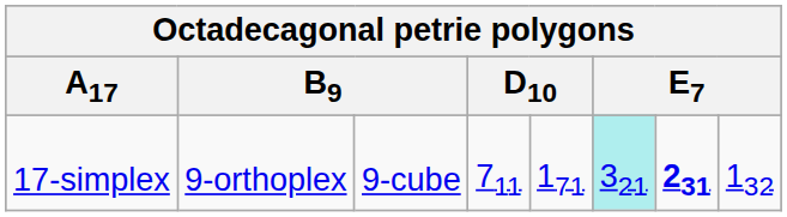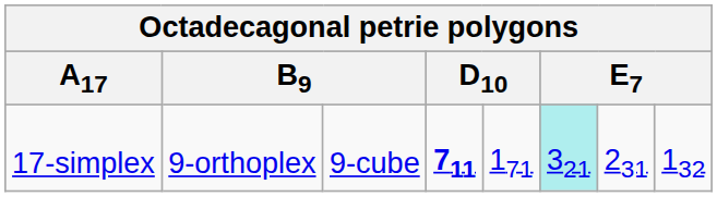 <table class="wikitable collapsible collapsed">
 <tr>
 <th colspan=8>Octadecagonal petrie polygons</th>
 </tr>
 <tr>
 <th>A<sub>17</sub></th>
 <th colspan=2>B<sub>9</sub></th>
 <th colspan=2>D<sub>10</sub></th>
 <th colspan=3>E<sub>7</sub></th>
 </tr>
 <tr align=center>
 <td><br><a href='#'>17-simplex</a></td>
 <td><br><a href='#'>9-orthoplex</a></td>
 <td><br><a href='#'>9-cube</a></td>
-<td><br><a href='#'>7<sub>11</sub></a></td>
+<td><strong><br><a href='#'>7<sub>11</sub></a></strong></td>
 <td><br><a href='#'>1<sub>71</sub></a></td>
 <td style="background: paleturquoise;"><br><a href='#'>3<sub>21</sub></a></td>
-<td><strong><br><a href='#'>2<sub>31</sub></a></strong></td>
+<td><br><a href='#'>2<sub>31</sub></a></td>
 <td><br><a href='#'>1<sub>32</sub></a></td>
 </tr>
 </table>
